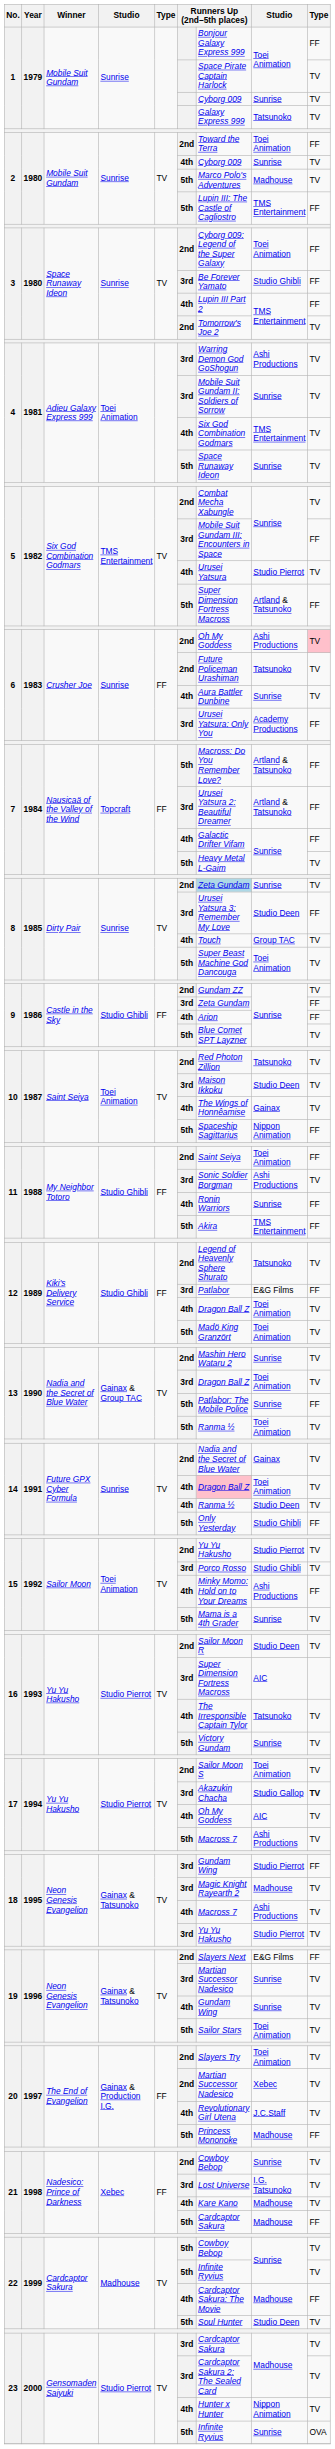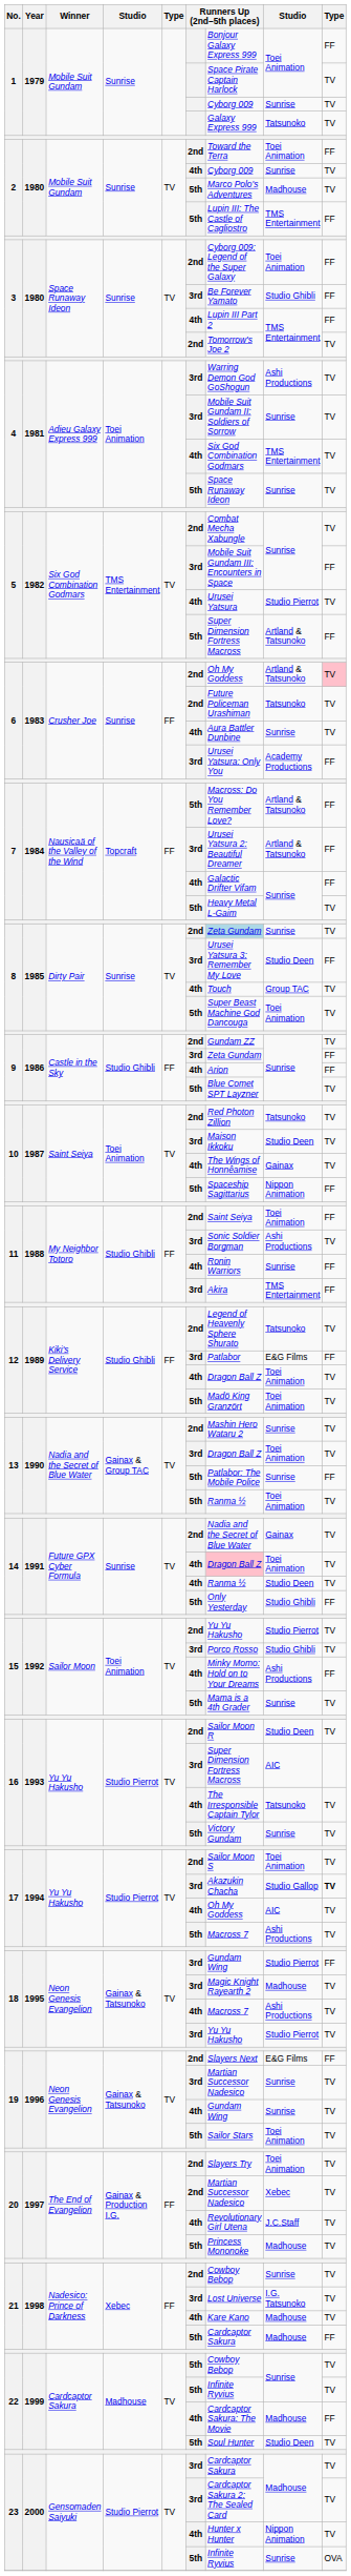 <table class="wikitable" style="font-size: 99%;">
 <tr>
 <th>No.</th>
 <th>Year</th>
 <th>Winner</th>
 <th>Studio</th>
 <th>Type</th>
 <th colspan="2">Runners Up<br>(2nd–5th places)</th>
 <th>Studio</th>
 <th>Type</th>
 </tr>
 <tr>
 <th rowspan="4">1</th>
 <th rowspan="4">1979</th>
 <td rowspan="4"><em><a href='#'>Mobile Suit Gundam</a></em></td>
 <td rowspan="4"><a href='#'>Sunrise</a></td>
 <td rowspan="4"></td>
 <th></th>
 <td><em><a href='#'>Bonjour Galaxy Express 999</a></em></td>
 <td rowspan="2"><a href='#'>Toei Animation</a></td>
 <td>FF</td>
 </tr>
 <tr>
 <th></th>
 <td><em><a href='#'>Space Pirate Captain Harlock</a></em></td>
 <td>TV</td>
 </tr>
 <tr>
 <th></th>
 <td><em><a href='#'>Cyborg 009</a></em></td>
 <td><a href='#'>Sunrise</a></td>
 <td>TV</td>
 </tr>
 <tr>
 <th></th>
 <td><em><a href='#'>Galaxy Express 999</a></em></td>
 <td><a href='#'>Tatsunoko</a></td>
 <td>TV</td>
 </tr>
 <tr>
 <th colspan="9"></th>
 </tr>
 <tr>
 <th rowspan="4">2</th>
 <th rowspan="4">1980 </th>
 <td rowspan="4"><em><a href='#'>Mobile Suit Gundam</a></em></td>
 <td rowspan="4"><a href='#'>Sunrise</a></td>
 <td rowspan="4">TV</td>
 <th>2nd</th>
 <td><em><a href='#'>Toward the Terra</a></em></td>
 <td><a href='#'>Toei Animation</a></td>
 <td>FF</td>
 </tr>
 <tr>
 <th>4th</th>
 <td><em><a href='#'>Cyborg 009</a></em></td>
 <td><a href='#'>Sunrise</a></td>
 <td>TV</td>
 </tr>
 <tr>
 <th>5th</th>
 <td><em><a href='#'>Marco Polo's Adventures</a></em></td>
 <td><a href='#'>Madhouse</a></td>
 <td>TV</td>
 </tr>
 <tr>
 <th>5th</th>
 <td><em><a href='#'>Lupin III: The Castle of Cagliostro</a></em></td>
 <td><a href='#'>TMS Entertainment</a></td>
 <td>FF</td>
 </tr>
 <tr>
 <th colspan="9"></th>
 </tr>
 <tr>
 <th rowspan="4">3</th>
 <th rowspan="4">1980 </th>
 <td rowspan="4"><em><a href='#'>Space Runaway Ideon</a></em></td>
 <td rowspan="4"><a href='#'>Sunrise</a></td>
 <td rowspan="4">TV</td>
 <th>2nd</th>
 <td><em><a href='#'>Cyborg 009: Legend of the Super Galaxy</a></em></td>
 <td><a href='#'>Toei Animation</a></td>
 <td>FF</td>
 </tr>
 <tr>
 <th>3rd</th>
 <td><em><a href='#'>Be Forever Yamato</a></em></td>
 <td><a href='#'>Studio Ghibli</a></td>
 <td>FF</td>
 </tr>
 <tr>
 <th>4th</th>
 <td><em><a href='#'>Lupin III Part 2</a></em></td>
 <td rowspan="2"><a href='#'>TMS Entertainment</a></td>
 <td>FF</td>
 </tr>
 <tr>
 <th>2nd</th>
 <td><em><a href='#'>Tomorrow's Joe 2</a></em></td>
 <td>TV</td>
 </tr>
 <tr>
 <th colspan="9"></th>
 </tr>
 <tr>
 <th rowspan="4">4</th>
 <th rowspan="4">1981</th>
 <td rowspan="4"><em><a href='#'>Adieu Galaxy Express 999</a></em></td>
 <td rowspan="4"><a href='#'>Toei Animation</a></td>
 <td rowspan="4"></td>
 <th>3rd</th>
 <td><em><a href='#'>Warring Demon God GoShogun</a></em></td>
 <td><a href='#'>Ashi Productions</a></td>
 <td>TV</td>
 </tr>
 <tr>
 <th>3rd</th>
 <td><em><a href='#'>Mobile Suit Gundam II: Soldiers of Sorrow</a></em></td>
 <td><a href='#'>Sunrise</a></td>
 <td>TV</td>
 </tr>
 <tr>
 <th>4th</th>
 <td><em><a href='#'>Six God Combination Godmars</a></em></td>
 <td><a href='#'>TMS Entertainment</a></td>
 <td>TV</td>
 </tr>
 <tr>
 <th>5th</th>
 <td><em><a href='#'>Space Runaway Ideon</a></em></td>
 <td><a href='#'>Sunrise</a></td>
 <td>TV</td>
 </tr>
 <tr>
 <th colspan="9"></th>
 </tr>
 <tr>
 <th rowspan="4">5</th>
 <th rowspan="4">1982</th>
 <td rowspan="4"><em><a href='#'>Six God Combination Godmars</a></em></td>
 <td rowspan="4"><a href='#'>TMS Entertainment</a></td>
 <td rowspan="4">TV</td>
 <th>2nd</th>
 <td><em><a href='#'>Combat Mecha Xabungle</a></em></td>
 <td rowspan="2"><a href='#'>Sunrise</a></td>
 <td>TV</td>
 </tr>
 <tr>
 <th>3rd</th>
 <td><em><a href='#'>Mobile Suit Gundam III: Encounters in Space</a></em></td>
 <td>FF</td>
 </tr>
 <tr>
 <th>4th</th>
 <td><em><a href='#'>Urusei Yatsura</a></em></td>
 <td><a href='#'>Studio Pierrot</a></td>
 <td>TV</td>
 </tr>
 <tr>
 <th>5th</th>
 <td><em><a href='#'>Super Dimension Fortress Macross</a></em></td>
 <td><a href='#'>Artland</a> & <a href='#'>Tatsunoko</a></td>
 <td>FF</td>
 </tr>
 <tr>
 <th colspan="9"></th>
 </tr>
 <tr>
 <th rowspan="4">6</th>
 <th rowspan="4">1983</th>
 <td rowspan="4"><em><a href='#'>Crusher Joe</a></em></td>
 <td rowspan="4"><a href='#'>Sunrise</a></td>
 <td rowspan="4">FF</td>
 <th>2nd</th>
 <td><em><a href='#'>Oh My Goddess</a></em></td>
-<td><a href='#'>Ashi Productions</a></td>
+<td><a href='#'>Artland</a> & <a href='#'>Tatsunoko</a></td>
 <td style="background: pink;">TV</td>
 </tr>
 <tr>
 <th>2nd</th>
 <td><em><a href='#'>Future Policeman Urashiman</a></em></td>
 <td><a href='#'>Tatsunoko</a></td>
 <td>TV</td>
 </tr>
 <tr>
 <th>4th</th>
 <td><em><a href='#'>Aura Battler Dunbine</a></em></td>
 <td><a href='#'>Sunrise</a></td>
 <td>TV</td>
 </tr>
 <tr>
 <th>3rd</th>
 <td><em><a href='#'>Urusei Yatsura: Only You</a></em></td>
 <td><a href='#'>Academy Productions</a></td>
 <td>FF</td>
 </tr>
 <tr>
 <th colspan="9"></th>
 </tr>
 <tr>
 <th rowspan="4">7</th>
 <th rowspan="4">1984</th>
 <td rowspan="4"><em><a href='#'>Nausicaä of the Valley of the Wind</a></em></td>
 <td rowspan="4"><a href='#'>Topcraft</a></td>
 <td rowspan="4">FF</td>
 <th>5th</th>
 <td><em><a href='#'>Macross: Do You Remember Love?</a></em></td>
 <td><a href='#'>Artland</a> & <a href='#'>Tatsunoko</a></td>
 <td>FF</td>
 </tr>
 <tr>
 <th>3rd</th>
 <td><em><a href='#'>Urusei Yatsura 2: Beautiful Dreamer</a></em></td>
 <td><a href='#'>Artland</a> & <a href='#'>Tatsunoko</a></td>
 <td>FF</td>
 </tr>
 <tr>
 <th>4th</th>
 <td><em><a href='#'>Galactic Drifter Vifam</a></em></td>
 <td rowspan="2"><a href='#'>Sunrise</a></td>
 <td>FF</td>
 </tr>
 <tr>
 <th>5th</th>
 <td><em><a href='#'>Heavy Metal L-Gaim</a></em></td>
 <td>TV</td>
 </tr>
 <tr>
 <th colspan="9"></th>
 </tr>
 <tr>
 <th rowspan="4">8</th>
 <th rowspan="4">1985</th>
 <td rowspan="4"><em><a href='#'>Dirty Pair</a></em></td>
 <td rowspan="4"><a href='#'>Sunrise</a></td>
 <td rowspan="4">TV</td>
 <th>2nd</th>
 <td style="background: lightblue;"><em><a href='#'>Zeta Gundam</a></em></td>
 <td><a href='#'>Sunrise</a></td>
 <td>TV</td>
 </tr>
 <tr>
 <th>3rd</th>
 <td><em><a href='#'>Urusei Yatsura 3: Remember My Love</a></em></td>
 <td><a href='#'>Studio Deen</a></td>
 <td>FF</td>
 </tr>
 <tr>
 <th>4th</th>
 <td><em><a href='#'>Touch</a></em></td>
 <td><a href='#'>Group TAC</a></td>
 <td>TV</td>
 </tr>
 <tr>
 <th>5th</th>
 <td><em><a href='#'>Super Beast Machine God Dancouga</a></em></td>
 <td><a href='#'>Toei Animation</a></td>
 <td>TV</td>
 </tr>
 <tr>
 <th colspan="9"></th>
 </tr>
 <tr>
 <th rowspan="4">9</th>
 <th rowspan="4">1986</th>
 <td rowspan="4"><em><a href='#'>Castle in the Sky</a></em></td>
 <td rowspan="4"><a href='#'>Studio Ghibli</a></td>
 <td rowspan="4">FF</td>
 <th>2nd</th>
 <td><em><a href='#'>Gundam ZZ</a></em></td>
 <td rowspan="4"><a href='#'>Sunrise</a></td>
 <td>TV</td>
 </tr>
 <tr>
 <th>3rd</th>
 <td><em><a href='#'>Zeta Gundam</a></em></td>
 <td>FF</td>
 </tr>
 <tr>
 <th>4th</th>
 <td><em><a href='#'>Arion</a></em></td>
 <td>FF</td>
 </tr>
 <tr>
 <th>5th</th>
 <td><em><a href='#'>Blue Comet SPT Layzner</a></em></td>
 <td>TV</td>
 </tr>
 <tr>
 <th colspan="9"></th>
 </tr>
 <tr>
 <th rowspan="4">10</th>
 <th rowspan="4">1987</th>
 <td rowspan="4"><em><a href='#'>Saint Seiya</a></em></td>
 <td rowspan="4"><a href='#'>Toei Animation</a></td>
 <td rowspan="4">TV</td>
 <th>2nd</th>
 <td><em><a href='#'>Red Photon Zillion</a></em></td>
 <td><a href='#'>Tatsunoko</a></td>
 <td>TV</td>
 </tr>
 <tr>
 <th>3rd</th>
 <td><em><a href='#'>Maison Ikkoku</a></em></td>
 <td><a href='#'>Studio Deen</a></td>
 <td>TV</td>
 </tr>
 <tr>
 <th>4th</th>
 <td><em><a href='#'>The Wings of Honnêamise</a></em></td>
 <td><a href='#'>Gainax</a></td>
 <td>TV</td>
 </tr>
 <tr>
 <th>5th</th>
 <td><em><a href='#'>Spaceship Sagittarius</a></em></td>
 <td><a href='#'>Nippon Animation</a></td>
 <td>FF</td>
 </tr>
 <tr>
 <th colspan="9"></th>
 </tr>
 <tr>
 <th rowspan="4">11</th>
 <th rowspan="4">1988</th>
 <td rowspan="4"><em><a href='#'>My Neighbor Totoro</a></em></td>
 <td rowspan="4"><a href='#'>Studio Ghibli</a></td>
 <td rowspan="4">FF</td>
 <th>2nd</th>
 <td><em><a href='#'>Saint Seiya</a></em></td>
 <td><a href='#'>Toei Animation</a></td>
 <td>FF</td>
 </tr>
 <tr>
 <th>3rd</th>
 <td><em><a href='#'>Sonic Soldier Borgman</a></em></td>
 <td><a href='#'>Ashi Productions</a></td>
 <td>TV</td>
 </tr>
 <tr>
 <th>4th</th>
 <td><em><a href='#'>Ronin Warriors</a></em></td>
 <td><a href='#'>Sunrise</a></td>
 <td>FF</td>
 </tr>
 <tr>
-<th>5th</th>
+<th>3rd</th>
 <td><em><a href='#'>Akira</a></em></td>
 <td><a href='#'>TMS Entertainment</a></td>
 <td>FF</td>
 </tr>
 <tr>
 <th colspan="9"></th>
 </tr>
 <tr>
 <th rowspan="4">12</th>
 <th rowspan="4">1989</th>
 <td rowspan="4"><em><a href='#'>Kiki's Delivery Service</a></em></td>
 <td rowspan="4"><a href='#'>Studio Ghibli</a></td>
 <td rowspan="4">FF</td>
 <th>2nd</th>
 <td><em><a href='#'>Legend of Heavenly Sphere Shurato</a></em></td>
 <td><a href='#'>Tatsunoko</a></td>
 <td>TV</td>
 </tr>
 <tr>
 <th>3rd</th>
 <td><em><a href='#'>Patlabor</a></em></td>
 <td>E&G Films</td>
 <td>FF</td>
 </tr>
 <tr>
 <th>4th</th>
 <td><em><a href='#'>Dragon Ball Z</a></em></td>
 <td><a href='#'>Toei Animation</a></td>
 <td>TV</td>
 </tr>
 <tr>
 <th>5th</th>
 <td><em><a href='#'>Madö King Granzört</a></em></td>
 <td><a href='#'>Toei Animation</a></td>
 <td>TV</td>
 </tr>
 <tr>
 <th colspan="9"></th>
 </tr>
 <tr>
 <th rowspan="4">13</th>
 <th rowspan="4">1990</th>
 <td rowspan="4"><em><a href='#'>Nadia and the Secret of Blue Water</a></em></td>
 <td rowspan="4"><a href='#'>Gainax</a> & <a href='#'>Group TAC</a></td>
 <td rowspan="4">TV</td>
 <th>2nd</th>
 <td><em><a href='#'>Mashin Hero Wataru 2</a></em></td>
 <td><a href='#'>Sunrise</a></td>
 <td>TV</td>
 </tr>
 <tr>
 <th>3rd</th>
 <td><em><a href='#'>Dragon Ball Z</a></em></td>
 <td><a href='#'>Toei Animation</a></td>
 <td>TV</td>
 </tr>
 <tr>
 <th>5th</th>
 <td><em><a href='#'>Patlabor: The Mobile Police</a></em></td>
 <td><a href='#'>Sunrise</a></td>
 <td>FF</td>
 </tr>
 <tr>
 <th>5th</th>
 <td><em><a href='#'>Ranma ½</a></em></td>
 <td><a href='#'>Toei Animation</a></td>
 <td>TV</td>
 </tr>
 <tr>
 <th colspan="9"></th>
 </tr>
 <tr>
 <th rowspan="4">14</th>
 <th rowspan="4">1991</th>
 <td rowspan="4"><em><a href='#'>Future GPX Cyber Formula</a></em></td>
 <td rowspan="4"><a href='#'>Sunrise</a></td>
 <td rowspan="4">TV</td>
 <th>2nd</th>
 <td><em><a href='#'>Nadia and the Secret of Blue Water</a></em></td>
 <td><a href='#'>Gainax</a></td>
 <td>TV</td>
 </tr>
 <tr>
 <th>4th</th>
 <td style="background: pink;"><em><a href='#'>Dragon Ball Z</a></em></td>
 <td><a href='#'>Toei Animation</a></td>
 <td>TV</td>
 </tr>
 <tr>
 <th>4th</th>
 <td><em><a href='#'>Ranma ½</a></em></td>
 <td><a href='#'>Studio Deen</a></td>
 <td>TV</td>
 </tr>
 <tr>
 <th>5th</th>
 <td><em><a href='#'>Only Yesterday</a></em></td>
 <td><a href='#'>Studio Ghibli</a></td>
 <td>FF</td>
 </tr>
 <tr>
 <th colspan="9"></th>
 </tr>
 <tr>
 <th rowspan="4">15</th>
 <th rowspan="4">1992</th>
 <td rowspan="4"><em><a href='#'>Sailor Moon</a></em></td>
 <td rowspan="4"><a href='#'>Toei Animation</a></td>
 <td rowspan="4">TV</td>
 <th>2nd</th>
 <td><em><a href='#'>Yu Yu Hakusho</a></em></td>
 <td><a href='#'>Studio Pierrot</a></td>
 <td>TV</td>
 </tr>
 <tr>
 <th>3rd</th>
 <td><em><a href='#'>Porco Rosso</a></em></td>
 <td><a href='#'>Studio Ghibli</a></td>
 <td>TV</td>
 </tr>
 <tr>
 <th>4th</th>
 <td><em><a href='#'>Minky Momo: Hold on to Your Dreams</a></em></td>
 <td><a href='#'>Ashi Productions</a></td>
 <td>FF</td>
 </tr>
 <tr>
 <th>5th</th>
 <td><em><a href='#'>Mama is a 4th Grader</a></em></td>
 <td><a href='#'>Sunrise</a></td>
 <td>TV</td>
 </tr>
 <tr>
 <th colspan="9"></th>
 </tr>
 <tr>
 <th rowspan="4">16</th>
 <th rowspan="4">1993</th>
 <td rowspan="4"><em><a href='#'>Yu Yu Hakusho</a></em></td>
 <td rowspan="4"><a href='#'>Studio Pierrot</a></td>
 <td rowspan="4">TV</td>
 <th>2nd</th>
 <td><em><a href='#'>Sailor Moon R</a></em></td>
 <td><a href='#'>Studio Deen</a></td>
 <td>TV</td>
 </tr>
 <tr>
 <th>3rd</th>
 <td><em><a href='#'>Super Dimension Fortress Macross</a></em></td>
 <td><a href='#'>AIC</a></td>
 <td></td>
 </tr>
 <tr>
 <th>4th</th>
 <td><em><a href='#'>The Irresponsible Captain Tylor</a></em></td>
 <td><a href='#'>Tatsunoko</a></td>
 <td>TV</td>
 </tr>
 <tr>
 <th>5th</th>
 <td><em><a href='#'>Victory Gundam</a></em></td>
 <td><a href='#'>Sunrise</a></td>
 <td>TV</td>
 </tr>
 <tr>
 <th colspan="9"></th>
 </tr>
 <tr>
 <th rowspan="4">17</th>
 <th rowspan="4">1994</th>
 <td rowspan="4"><em><a href='#'>Yu Yu Hakusho</a></em></td>
 <td rowspan="4"><a href='#'>Studio Pierrot</a></td>
 <td rowspan="4">TV</td>
 <th>2nd</th>
 <td><em><a href='#'>Sailor Moon S</a></em></td>
 <td><a href='#'>Toei Animation</a></td>
 <td>TV</td>
 </tr>
 <tr>
 <th>3rd</th>
 <td><em><a href='#'>Akazukin Chacha</a></em></td>
 <td><a href='#'>Studio Gallop</a></td>
 <td><strong>TV</strong></td>
 </tr>
 <tr>
 <th>4th</th>
 <td><em><a href='#'>Oh My Goddess</a></em></td>
 <td><a href='#'>AIC</a></td>
 <td>TV</td>
 </tr>
 <tr>
 <th>5th</th>
 <td><em><a href='#'>Macross 7</a></em></td>
 <td><a href='#'>Ashi Productions</a></td>
 <td>TV</td>
 </tr>
 <tr>
 <th colspan="9"></th>
 </tr>
 <tr>
 <th rowspan="4">18</th>
 <th rowspan="4">1995</th>
 <td rowspan="4"><em><a href='#'>Neon Genesis Evangelion</a></em></td>
 <td rowspan="4"><a href='#'>Gainax</a> & <a href='#'>Tatsunoko</a></td>
 <td rowspan="4">TV</td>
 <th>3rd</th>
 <td><em><a href='#'>Gundam Wing</a></em></td>
 <td><a href='#'>Studio Pierrot</a></td>
 <td>FF</td>
 </tr>
 <tr>
 <th>3rd</th>
 <td><em><a href='#'>Magic Knight Rayearth 2</a></em></td>
 <td><a href='#'>Madhouse</a></td>
 <td>TV</td>
 </tr>
 <tr>
 <th>4th</th>
 <td><em><a href='#'>Macross 7</a></em></td>
 <td><a href='#'>Ashi Productions</a></td>
 <td>TV</td>
 </tr>
 <tr>
 <th>3rd</th>
 <td><em><a href='#'>Yu Yu Hakusho</a></em></td>
 <td><a href='#'>Studio Pierrot</a></td>
 <td>TV</td>
 </tr>
 <tr>
 <th colspan="9"></th>
 </tr>
 <tr>
 <th rowspan="4">19</th>
 <th rowspan="4">1996</th>
 <td rowspan="4"><em><a href='#'>Neon Genesis Evangelion</a></em></td>
 <td rowspan="4"><a href='#'>Gainax</a> & <a href='#'>Tatsunoko</a></td>
 <td rowspan="4">TV</td>
 <th>2nd</th>
 <td><em><a href='#'>Slayers Next</a></em></td>
 <td>E&G Films</td>
 <td>FF</td>
 </tr>
 <tr>
 <th>3rd</th>
 <td><em><a href='#'>Martian Successor Nadesico</a></em></td>
 <td><a href='#'>Sunrise</a></td>
 <td>TV</td>
 </tr>
 <tr>
 <th>4th</th>
 <td><em><a href='#'>Gundam Wing</a></em></td>
 <td><a href='#'>Sunrise</a></td>
 <td>TV</td>
 </tr>
 <tr>
 <th>5th</th>
 <td><em><a href='#'>Sailor Stars</a></em></td>
 <td><a href='#'>Toei Animation</a></td>
 <td>TV</td>
 </tr>
 <tr>
 <th colspan="9"></th>
 </tr>
 <tr>
 <th rowspan="4">20</th>
 <th rowspan="4">1997</th>
 <td rowspan="4"><em><a href='#'>The End of Evangelion</a></em></td>
 <td rowspan="4"><a href='#'>Gainax</a> & <a href='#'>Production I.G.</a></td>
 <td rowspan="4">FF</td>
 <th>2nd</th>
 <td><em><a href='#'>Slayers Try</a></em></td>
 <td><a href='#'>Toei Animation</a></td>
 <td>TV</td>
 </tr>
 <tr>
 <th>2nd</th>
 <td><em><a href='#'>Martian Successor Nadesico</a></em></td>
 <td><a href='#'>Xebec</a></td>
 <td>TV</td>
 </tr>
 <tr>
 <th>4th</th>
 <td><em><a href='#'>Revolutionary Girl Utena</a></em></td>
 <td><a href='#'>J.C.Staff</a></td>
 <td>TV</td>
 </tr>
 <tr>
 <th>5th</th>
 <td><em><a href='#'>Princess Mononoke</a></em></td>
 <td><a href='#'>Madhouse</a></td>
-<td>FF</td>
+<td>TV</td>
 </tr>
 <tr>
 <th colspan="9"></th>
 </tr>
 <tr>
 <th rowspan="4">21</th>
 <th rowspan="4">1998</th>
 <td rowspan="4"><em><a href='#'>Nadesico: Prince of Darkness</a></em></td>
 <td rowspan="4"><a href='#'>Xebec</a></td>
 <td rowspan="4">FF</td>
 <th>2nd</th>
 <td><em><a href='#'>Cowboy Bebop</a></em></td>
 <td><a href='#'>Sunrise</a></td>
 <td>TV</td>
 </tr>
 <tr>
 <th>3rd</th>
 <td><em><a href='#'>Lost Universe</a></em></td>
 <td><a href='#'>I.G. Tatsunoko</a></td>
 <td>TV</td>
 </tr>
 <tr>
 <th>4th</th>
 <td><em><a href='#'>Kare Kano</a></em></td>
 <td><a href='#'>Madhouse</a></td>
 <td>TV</td>
 </tr>
 <tr>
 <th>5th</th>
 <td><em><a href='#'>Cardcaptor Sakura</a></em></td>
 <td><a href='#'>Madhouse</a></td>
 <td>FF</td>
 </tr>
 <tr>
 <th colspan="9"></th>
 </tr>
 <tr>
 <th rowspan="4">22</th>
 <th rowspan="4">1999</th>
 <td rowspan="4"><em><a href='#'>Cardcaptor Sakura</a></em></td>
 <td rowspan="4"><a href='#'>Madhouse</a></td>
 <td rowspan="4">TV</td>
 <th>5th</th>
 <td><em><a href='#'>Cowboy Bebop</a></em></td>
 <td rowspan="2"><a href='#'>Sunrise</a></td>
 <td>TV</td>
 </tr>
 <tr>
 <th>5th</th>
 <td><em><a href='#'>Infinite Ryvius</a></em></td>
 <td>TV</td>
 </tr>
 <tr>
 <th>4th</th>
 <td><em><a href='#'>Cardcaptor Sakura: The Movie</a></em></td>
 <td><a href='#'>Madhouse</a></td>
 <td>FF</td>
 </tr>
 <tr>
 <th>5th</th>
 <td><em><a href='#'>Soul Hunter</a></em></td>
 <td><a href='#'>Studio Deen</a></td>
 <td>TV</td>
 </tr>
 <tr>
 <th colspan="9"></th>
 </tr>
 <tr>
 <th rowspan="4">23</th>
 <th rowspan="4">2000</th>
 <td rowspan="4"><em><a href='#'>Gensomaden Saiyuki</a></em></td>
 <td rowspan="4"><a href='#'>Studio Pierrot</a></td>
 <td rowspan="4">TV</td>
 <th>3rd</th>
 <td><em><a href='#'>Cardcaptor Sakura</a></em></td>
 <td rowspan="2"><a href='#'>Madhouse</a></td>
 <td>TV</td>
 </tr>
 <tr>
 <th>3rd</th>
 <td><em><a href='#'>Cardcaptor Sakura 2: The Sealed Card</a></em></td>
 <td>TV</td>
 </tr>
 <tr>
 <th>4th</th>
 <td><em><a href='#'>Hunter x Hunter</a></em></td>
 <td><a href='#'>Nippon Animation</a></td>
 <td>TV</td>
 </tr>
 <tr>
 <th>5th</th>
 <td><em><a href='#'>Infinite Ryvius</a></em></td>
 <td><a href='#'>Sunrise</a></td>
 <td>OVA</td>
 </tr>
 <tr>
 </tr>
 </table>
